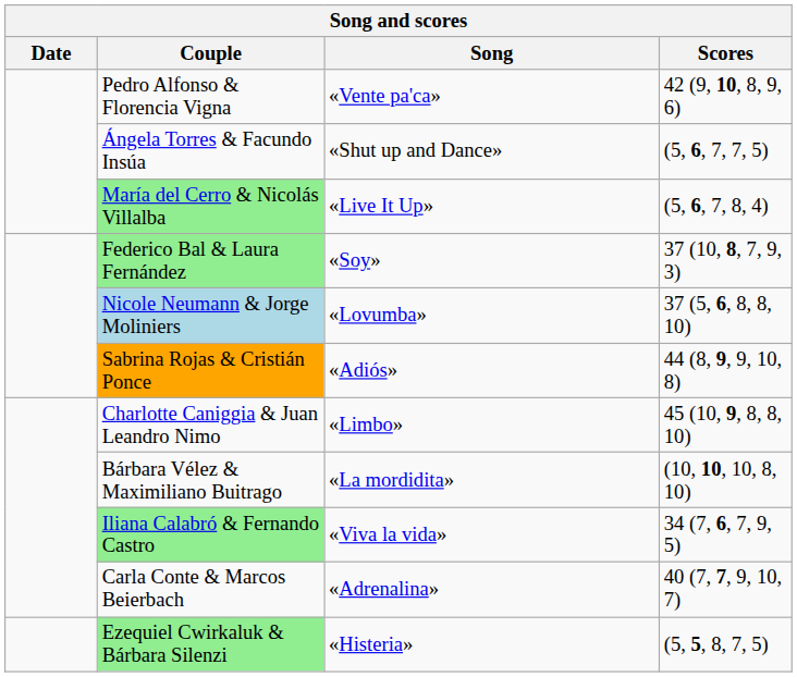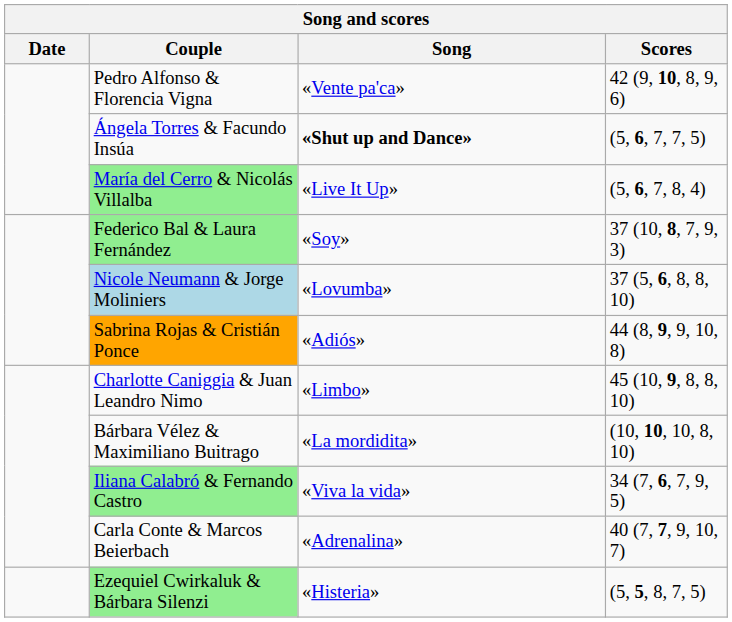 <table class="wikitable collapsible collapsed" style=" text-align: align; width: 100%;">
 <tr>
 <th colspan="11" style="with: 100%;" align="center">Song and scores</th>
 </tr>
 <tr>
 <th width=80>Date</th>
 <th width=210>Couple</th>
 <th width=330>Song</th>
 <th width=120>Scores</th>
 </tr>
 <tr>
 <td rowspan="3"></td>
 <td bgcolor="">Pedro Alfonso & Florencia Vigna</td>
 <td>«<a href='#'>Vente pa'ca</a>» </td>
 <td>42 (9, <strong>10</strong>, 8, 9, 6)</td>
 </tr>
 <tr>
 <td bgcolor=""><a href='#'>Ángela Torres</a> & Facundo Insúa</td>
-<td>«Shut up and Dance» </td>
+<td><strong>«Shut up and Dance» </strong></td>
 <td> (5, <strong>6</strong>, 7, 7, 5)</td>
 </tr>
 <tr>
 <td bgcolor="lightgreen"><a href='#'>María del Cerro</a> & Nicolás Villalba</td>
 <td>«<a href='#'>Live It Up</a>» </td>
 <td> (5, <strong>6</strong>, 7, 8, 4)</td>
 </tr>
 <tr>
 <td rowspan="3"></td>
 <td bgcolor="lightgreen">Federico Bal & Laura Fernández</td>
 <td>«<a href='#'>Soy</a>» </td>
 <td>37 (10, <strong>8</strong>, 7, 9, 3)</td>
 </tr>
 <tr>
 <td bgcolor="lightblue"><a href='#'>Nicole Neumann</a> & Jorge Moliniers</td>
 <td>«<a href='#'>Lovumba</a>» </td>
 <td>37 (5, <strong>6</strong>, 8, 8, 10)</td>
 </tr>
 <tr>
 <td bgcolor="orange">Sabrina Rojas & Cristián Ponce</td>
 <td>«<a href='#'>Adiós</a>» </td>
 <td>44 (8, <strong>9</strong>, 9, 10, 8)</td>
 </tr>
 <tr>
 <td rowspan="4"></td>
 <td bgcolor=""><a href='#'>Charlotte Caniggia</a> & Juan Leandro Nimo</td>
 <td>«<a href='#'>Limbo</a>» </td>
 <td>45 (10, <strong>9</strong>, 8, 8, 10)</td>
 </tr>
 <tr>
 <td bgcolor="">Bárbara Vélez & Maximiliano Buitrago</td>
 <td>«<a href='#'>La mordidita</a>» </td>
 <td> (10, <strong>10</strong>, 10, 8, 10)</td>
 </tr>
 <tr>
 <td bgcolor="lightgreen"><a href='#'>Iliana Calabró</a> & Fernando Castro</td>
 <td>«<a href='#'>Viva la vida</a>» </td>
 <td>34 (7, <strong>6</strong>, 7, 9, 5)</td>
 </tr>
 <tr>
 <td bgcolor="">Carla Conte & Marcos Beierbach</td>
 <td>«<a href='#'>Adrenalina</a>» </td>
 <td>40 (7, <strong>7</strong>, 9, 10, 7)</td>
 </tr>
 <tr>
 <td rowspan="1"></td>
 <td bgcolor="lightgreen">Ezequiel Cwirkaluk & Bárbara Silenzi</td>
 <td>«<a href='#'>Histeria</a>» </td>
 <td> (5, <strong>5</strong>, 8, 7, 5)</td>
 </tr>
 </table>
